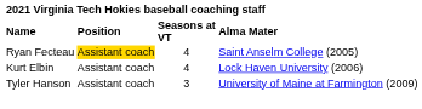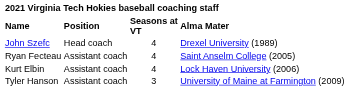 <table class="toccolours" style="text-align: left; font-size:90%;">
 <tr>
 <th colspan="4">2021 Virginia Tech Hokies baseball coaching staff</th>
 </tr>
 <tr>
 <th>Name</th>
 <th>Position</th>
 <th>Seasons at<br>VT</th>
 <th>Alma Mater</th>
 </tr>
 <tr>
+<td><a href='#'>John Szefc</a></td>
+<td>Head coach</td>
+<td align=center>4</td>
+<td><a href='#'>Drexel University</a> (1989)</td>
+</tr>
+<tr>
 <td>Ryan Fecteau</td>
-<td style="background: gold;">Assistant coach</td>
+<td>Assistant coach</td>
 <td align=center>4</td>
 <td><a href='#'>Saint Anselm College</a> (2005)</td>
 </tr>
 <tr>
 <td>Kurt Elbin</td>
 <td>Assistant coach</td>
 <td align=center>4</td>
 <td><a href='#'>Lock Haven University</a> (2006)</td>
 </tr>
 <tr>
 <td>Tyler Hanson</td>
 <td>Assistant coach</td>
 <td align=center>3</td>
 <td><a href='#'>University of Maine at Farmington</a> (2009)</td>
 </tr>
 </table>
